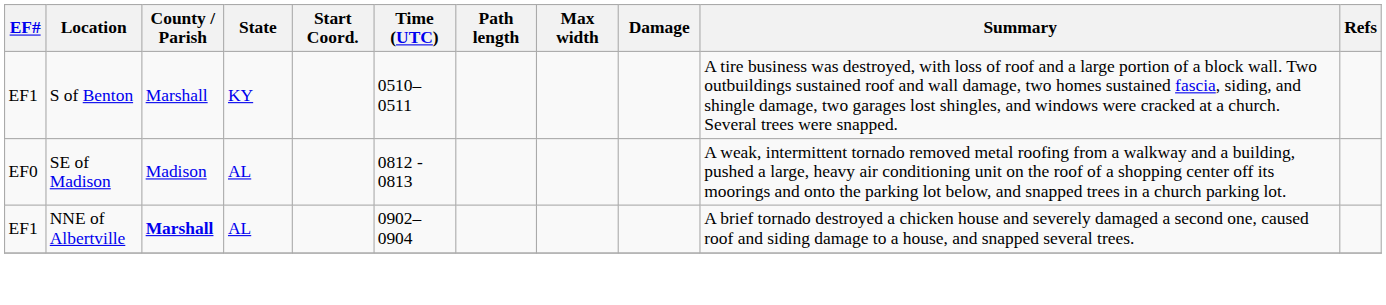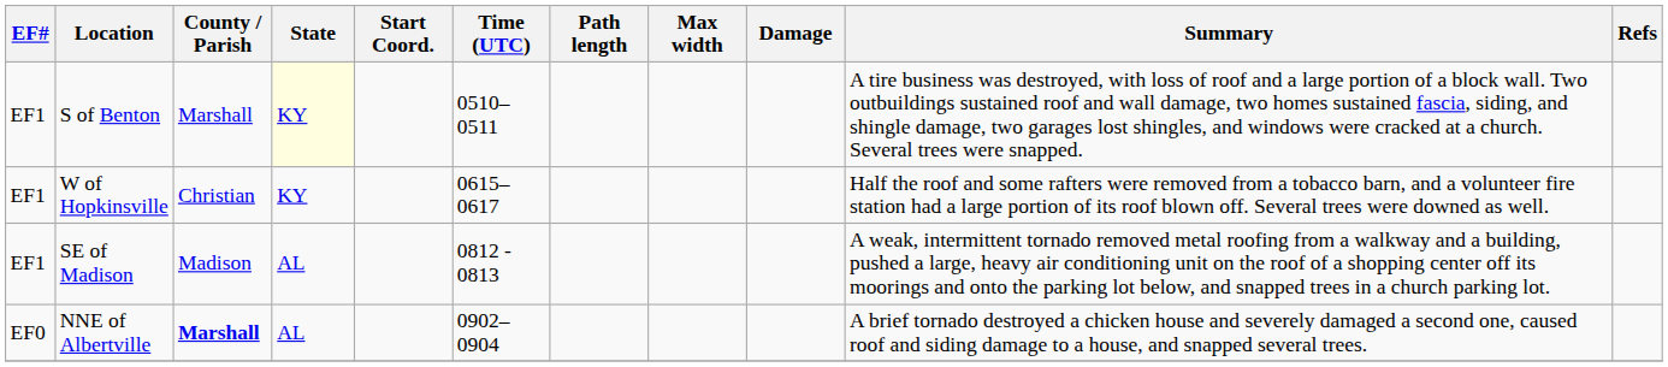 <table class="wikitable sortable" style="width:100%;">
 <tr>
 <th scope="col" width="3%" align="center"><a href='#'>EF#</a></th>
 <th scope="col" width="7%" align="center" class="unsortable">Location</th>
 <th scope="col" width="6%" align="center" class="unsortable">County / Parish</th>
 <th scope="col" width="5%" align="center">State</th>
 <th scope="col" width="6%" align="center">Start Coord.</th>
 <th scope="col" width="6%" align="center">Time (<a href='#'>UTC</a>)</th>
 <th scope="col" width="6%" align="center">Path length</th>
 <th scope="col" width="6%" align="center">Max width</th>
 <th scope="col" width="6%" align="center">Damage</th>
 <th scope="col" width="48%" class="unsortable" align="center">Summary</th>
 <th scope="col" width="48%" class="unsortable" align="center">Refs</th>
 </tr>
 <tr>
 <td>EF1</td>
 <td>S of <a href='#'>Benton</a></td>
 <td><a href='#'>Marshall</a></td>
-<td><a href='#'>KY</a></td>
+<td style="background: lightyellow;"><a href='#'>KY</a></td>
 <td></td>
 <td>0510–0511</td>
 <td></td>
 <td></td>
 <td></td>
 <td>A tire business was destroyed, with loss of roof and a large portion of a block wall. Two outbuildings sustained roof and wall damage, two homes sustained <a href='#'>fascia</a>, siding, and shingle damage, two garages lost shingles, and windows were cracked at a church. Several trees were snapped.</td>
 <td></td>
 </tr>
 <tr>
-<td>EF0</td>
+<td>EF1</td>
+<td>W of <a href='#'>Hopkinsville</a></td>
+<td><a href='#'>Christian</a></td>
+<td><a href='#'>KY</a></td>
+<td></td>
+<td>0615–0617</td>
+<td></td>
+<td></td>
+<td></td>
+<td>Half the roof and some rafters were removed from a tobacco barn, and a volunteer fire station had a large portion of its roof blown off. Several trees were downed as well.</td>
+<td></td>
+</tr>
+<tr>
+<td>EF1</td>
 <td>SE of <a href='#'>Madison</a></td>
 <td><a href='#'>Madison</a></td>
 <td><a href='#'>AL</a></td>
 <td></td>
 <td>0812 - 0813</td>
 <td></td>
 <td></td>
 <td></td>
 <td>A weak, intermittent tornado removed metal roofing from a walkway and a building, pushed a large, heavy air conditioning unit on the roof of a shopping center off its moorings and onto the parking lot below, and snapped trees in a church parking lot.</td>
 <td></td>
 </tr>
 <tr>
-<td>EF1</td>
+<td>EF0</td>
 <td>NNE of <a href='#'>Albertville</a></td>
 <td><strong><a href='#'>Marshall</a></strong></td>
 <td><a href='#'>AL</a></td>
 <td></td>
 <td>0902–0904</td>
 <td></td>
 <td></td>
 <td></td>
 <td>A brief tornado destroyed a chicken house and severely damaged a second one, caused roof and siding damage to a house, and snapped several trees.</td>
 <td></td>
 </tr>
 <tr>
 </tr>
 </table>
